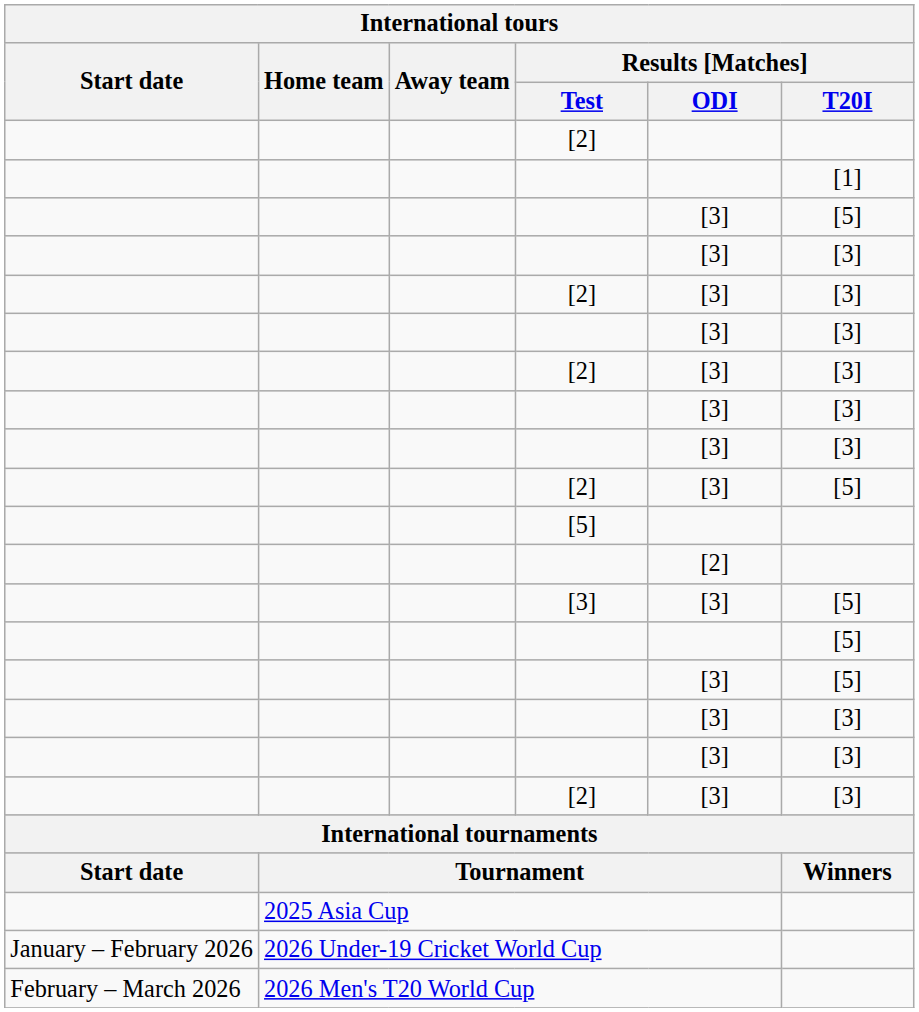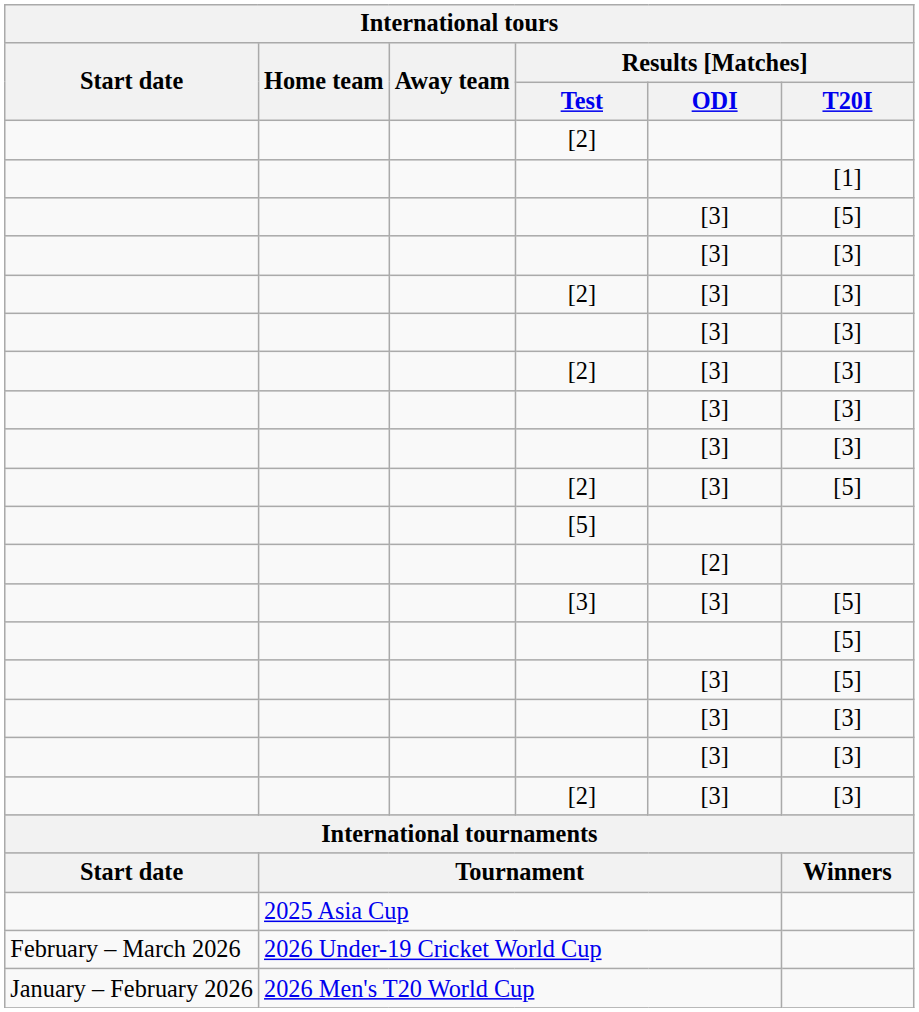 <table class="wikitable" style="text-align:center; white-space:nowrap">
 <tr>
 <th colspan=6>International tours</th>
 </tr>
 <tr>
 <th rowspan=2>Start date</th>
 <th rowspan=2>Home team</th>
 <th rowspan=2>Away team</th>
 <th colspan=3>Results [Matches]</th>
 </tr>
 <tr>
 <th width=80><a href='#'>Test</a></th>
 <th width=80><a href='#'>ODI</a></th>
 <th width=80><a href='#'>T20I</a></th>
 </tr>
 <tr>
 <td style="text-align:left"><a href='#'></a></td>
 <td style="text-align:left"></td>
 <td style="text-align:left"></td>
 <td>[2]</td>
 <td></td>
 <td></td>
 </tr>
 <tr>
 <td style="text-align:left"><a href='#'></a></td>
 <td style="text-align:left"></td>
 <td style="text-align:left"></td>
 <td></td>
 <td></td>
 <td>[1]</td>
 </tr>
 <tr>
 <td style="text-align:left"><a href='#'></a></td>
 <td style="text-align:left"></td>
 <td style="text-align:left"></td>
 <td></td>
 <td>[3]</td>
 <td>[5]</td>
 </tr>
 <tr>
 <td style="text-align:left"><a href='#'></a></td>
 <td style="text-align:left"></td>
 <td style="text-align:left"></td>
 <td></td>
 <td>[3]</td>
 <td>[3]</td>
 </tr>
 <tr>
 <td style="text-align:left"><a href='#'></a></td>
 <td style="text-align:left"></td>
 <td style="text-align:left"></td>
 <td>[2]</td>
 <td>[3]</td>
 <td>[3]</td>
 </tr>
 <tr>
 <td style="text-align:left"><a href='#'></a></td>
 <td style="text-align:left"></td>
 <td style="text-align:left"></td>
 <td></td>
 <td>[3]</td>
 <td>[3]</td>
 </tr>
 <tr>
 <td style="text-align:left"><a href='#'></a></td>
 <td style="text-align:left"></td>
 <td style="text-align:left"></td>
 <td>[2]</td>
 <td>[3]</td>
 <td>[3]</td>
 </tr>
 <tr>
 <td style="text-align:left"><a href='#'></a></td>
 <td style="text-align:left"></td>
 <td style="text-align:left"></td>
 <td></td>
 <td>[3]</td>
 <td>[3]</td>
 </tr>
 <tr>
 <td style ="text-align:left"><a href='#'></a></td>
 <td style="text-align:left"></td>
 <td style ="text-align:left"></td>
 <td></td>
 <td>[3]</td>
 <td>[3]</td>
 </tr>
 <tr>
 <td style ="text-align:left"><a href='#'></a></td>
 <td style=" text-align: left"></td>
 <td style="text-align: left"></td>
 <td>[2]</td>
 <td>[3]</td>
 <td>[5]</td>
 </tr>
 <tr>
 <td style="text-align:left"><a href='#'></a></td>
 <td style="text-align:left"></td>
 <td style="text-align:left"></td>
 <td>[5]</td>
 <td></td>
 <td></td>
 </tr>
 <tr>
 <td style="text-align:left"><a href='#'></a></td>
 <td style="text-align:left"></td>
 <td style="text-align:left"></td>
 <td></td>
 <td>[2]</td>
 <td></td>
 </tr>
 <tr>
 <td style="text-align:left"><a href='#'></a></td>
 <td style="text-align:left"></td>
 <td style="text-align:left"></td>
 <td>[3]</td>
 <td>[3]</td>
 <td>[5]</td>
 </tr>
 <tr>
 <td style="text-align:left"><a href='#'></a></td>
 <td style ="text-align:left"></td>
 <td style ="text-align:left"></td>
 <td></td>
 <td></td>
 <td>[5]</td>
 </tr>
 <tr>
 <td style="text-align:left"><a href='#'></a></td>
 <td style ="text-align:left"></td>
 <td style ="text-align:left"></td>
 <td></td>
 <td>[3]</td>
 <td>[5]</td>
 </tr>
 <tr>
 <td style="text-align:left"><a href='#'></a></td>
 <td style ="text-align:left"></td>
 <td style ="text-align:left"></td>
 <td></td>
 <td>[3]</td>
 <td>[3]</td>
 </tr>
 <tr>
 <td style="text-align:left"><a href='#'></a></td>
 <td style ="text-align:left"></td>
 <td style ="text-align:left"></td>
 <td></td>
 <td>[3]</td>
 <td>[3]</td>
 </tr>
 <tr>
 <td style="text-align:left"><a href='#'></a></td>
 <td style="text-align:left"></td>
 <td style="text-align:left"></td>
 <td>[2]</td>
 <td>[3]</td>
 <td>[3]</td>
 </tr>
 <tr>
 <th colspan="6" style="text-align :center">International tournaments</th>
 </tr>
 <tr>
 <th>Start date</th>
 <th colspan=4>Tournament</th>
 <th>Winners</th>
 </tr>
 <tr>
 <td style="text-align:left"><a href='#'></a></td>
 <td style="text-align:left" colspan=4> <a href='#'>2025 Asia Cup</a></td>
 <td></td>
 </tr>
 <tr>
-<td style="text-align:left">January – February 2026</td>
+<td style="text-align:left">February – March 2026</td>
 <td style="text-align:left" colspan=4>  <a href='#'>2026 Under-19 Cricket World Cup</a></td>
 <td></td>
 </tr>
 <tr>
-<td style="text-align:left">February – March 2026</td>
+<td style="text-align:left">January – February 2026</td>
 <td style="text-align:left" colspan=4>  <a href='#'>2026 Men's T20 World Cup</a></td>
 <td style="text-align:left"></td>
 </tr>
 </table>
